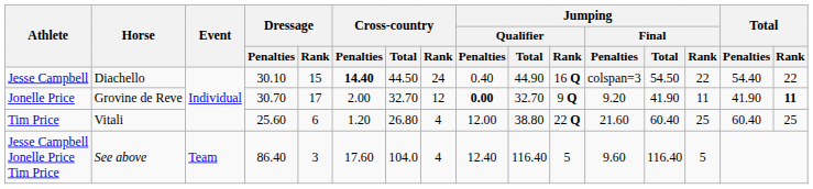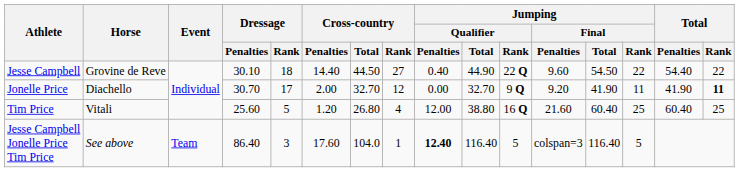 <table class=wikitable style=font-size:90%;text-align:center>
 <tr>
 <th rowspan=3>Athlete</th>
 <th rowspan=3>Horse</th>
 <th rowspan=3>Event</th>
 <th colspan=2 rowspan=2>Dressage</th>
 <th colspan=3 rowspan=2>Cross-country</th>
 <th colspan=6>Jumping</th>
 <th colspan=2 rowspan=2>Total</th>
 </tr>
 <tr style=font-size:95%>
 <th colspan=3>Qualifier</th>
 <th colspan=3>Final</th>
 </tr>
 <tr style=font-size:95%>
 <th>Penalties</th>
 <th>Rank</th>
 <th>Penalties</th>
 <th>Total</th>
 <th>Rank</th>
 <th>Penalties</th>
 <th>Total</th>
 <th>Rank</th>
 <th>Penalties</th>
 <th>Total</th>
 <th>Rank</th>
 <th>Penalties</th>
 <th>Rank</th>
 </tr>
 <tr>
 <td align=left><a href='#'>Jesse Campbell</a></td>
-<td align=left>Diachello</td>
+<td align=left>Grovine de Reve</td>
 <td rowspan=3 align=left><a href='#'>Individual</a></td>
 <td>30.10</td>
-<td>15</td>
-<td><strong>14.40</strong></td>
+<td>18</td>
+<td>14.40</td>
 <td>44.50</td>
-<td>24</td>
+<td>27</td>
 <td>0.40</td>
 <td>44.90</td>
-<td>16 <strong>Q</strong></td>
-<td>colspan=3 </td>
+<td>22 <strong>Q</strong></td>
+<td>9.60</td>
 <td>54.50</td>
 <td>22</td>
 <td>54.40</td>
 <td>22</td>
 </tr>
 <tr>
 <td align=left><a href='#'>Jonelle Price</a></td>
-<td align=left>Grovine de Reve</td>
+<td align=left>Diachello</td>
 <td>30.70</td>
 <td>17</td>
 <td>2.00</td>
 <td>32.70</td>
 <td>12</td>
-<td><strong>0.00</strong></td>
+<td>0.00</td>
 <td>32.70</td>
 <td>9 <strong>Q</strong></td>
 <td>9.20</td>
 <td>41.90</td>
 <td>11</td>
 <td>41.90</td>
 <td><strong>11</strong></td>
 </tr>
 <tr>
 <td align=left><a href='#'>Tim Price</a></td>
 <td align=left>Vitali</td>
 <td>25.60</td>
-<td>6</td>
+<td>5</td>
 <td>1.20</td>
 <td>26.80</td>
 <td>4</td>
 <td>12.00</td>
 <td>38.80</td>
-<td>22 <strong>Q</strong></td>
+<td>16 <strong>Q</strong></td>
 <td>21.60</td>
 <td>60.40</td>
 <td>25</td>
 <td>60.40</td>
 <td>25</td>
 </tr>
 <tr>
 <td align=left><a href='#'>Jesse Campbell</a><br><a href='#'>Jonelle Price</a><br><a href='#'>Tim Price</a></td>
 <td align=left><em>See above</em></td>
 <td align=left><a href='#'>Team</a></td>
 <td>86.40</td>
 <td>3</td>
 <td>17.60</td>
 <td>104.0</td>
-<td>4</td>
-<td>12.40</td>
+<td>1</td>
+<td><strong>12.40</strong></td>
 <td>116.40</td>
 <td>5</td>
-<td>9.60</td>
+<td>colspan=3 </td>
 <td>116.40</td>
 <td>5</td>
 </tr>
 </table>
